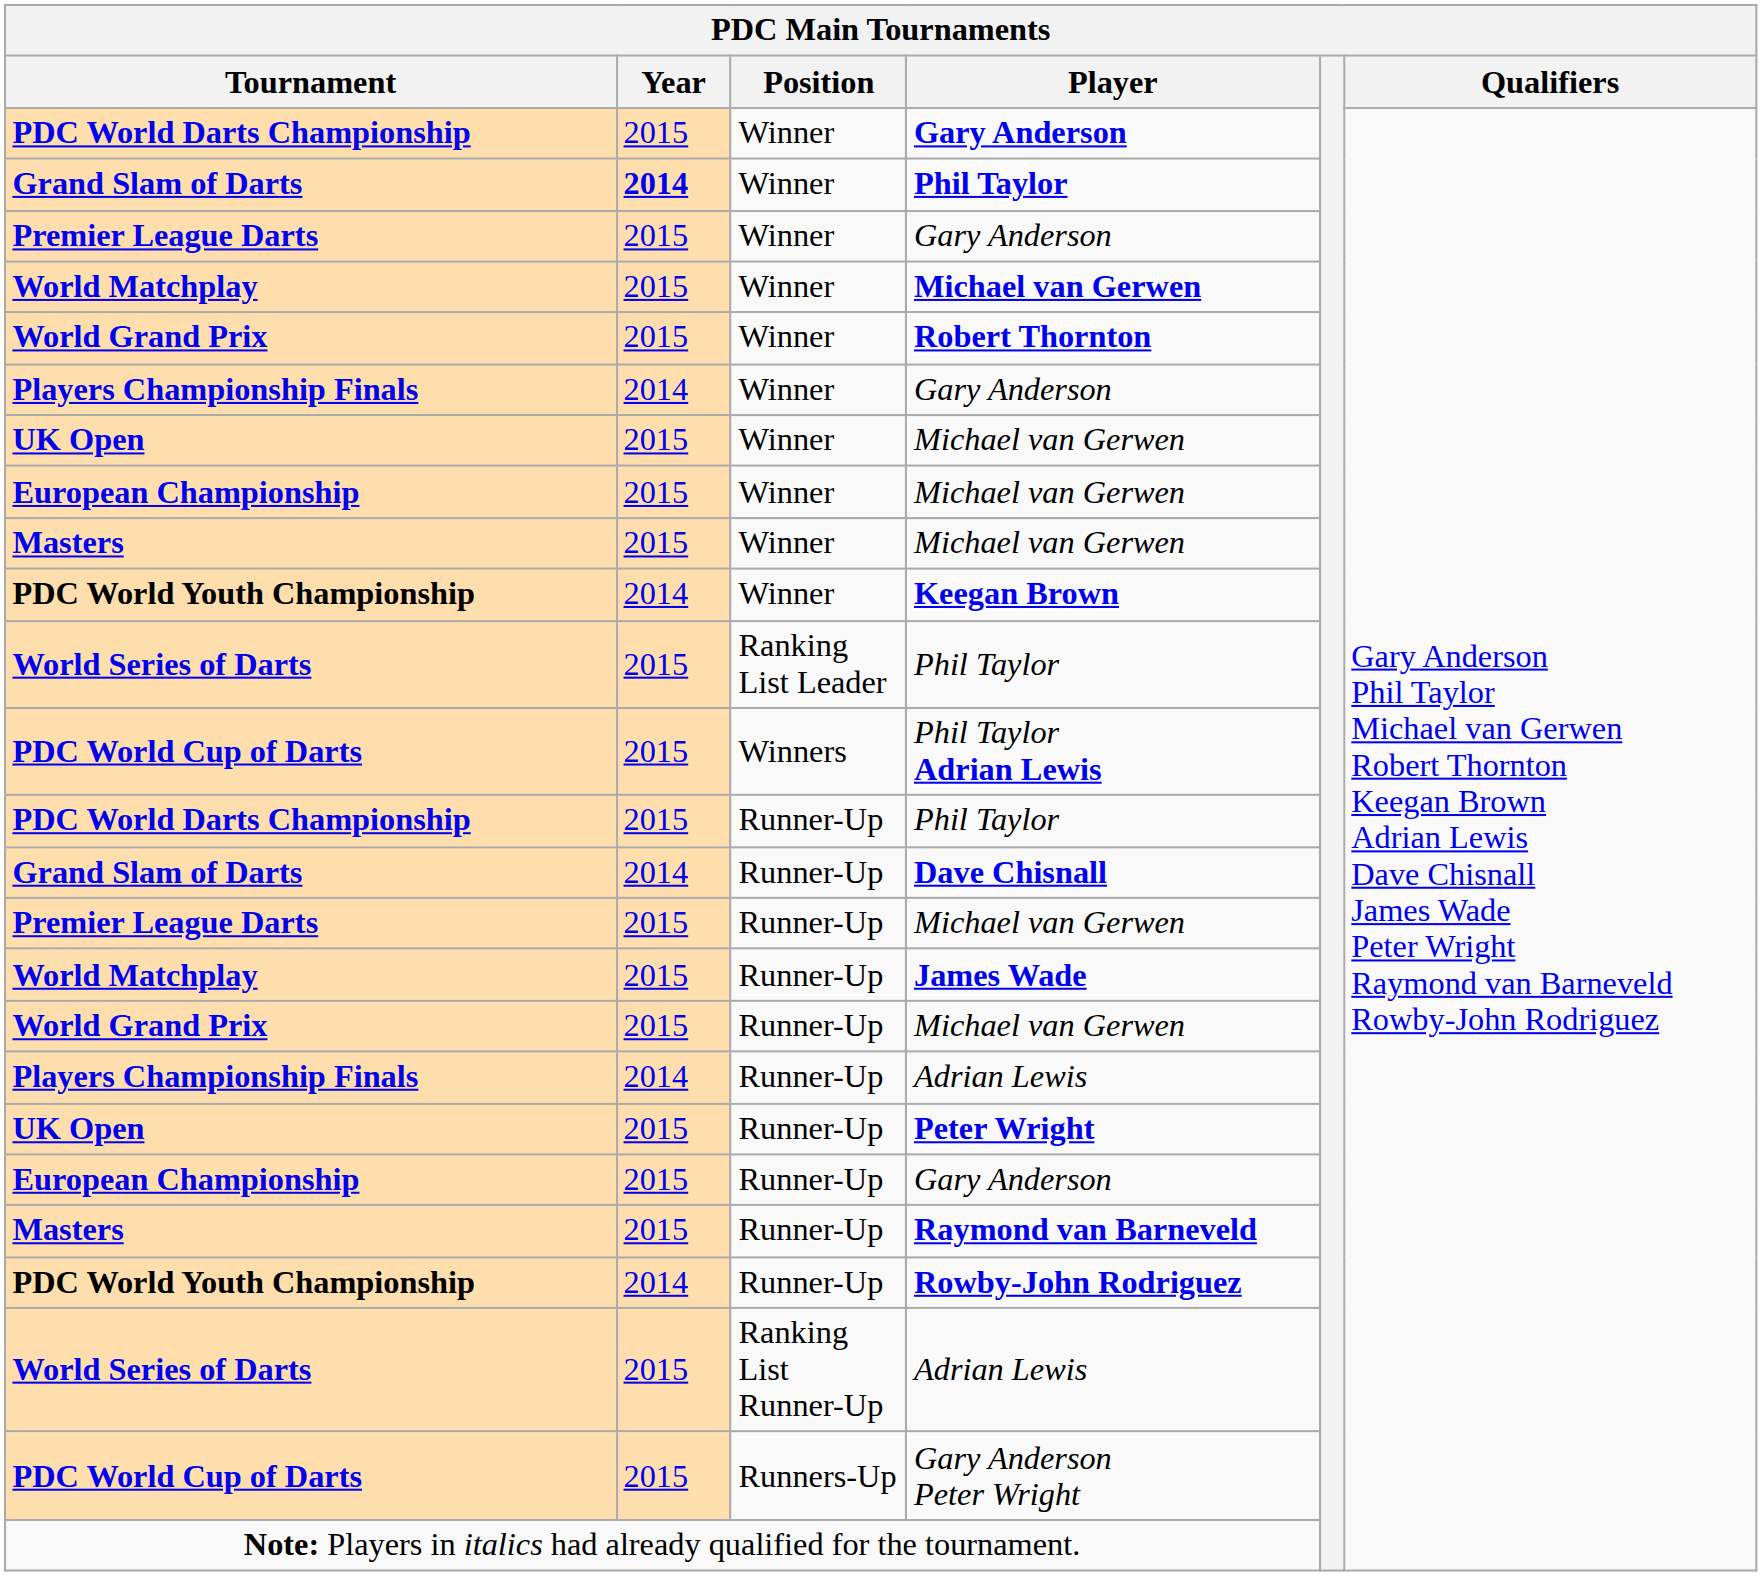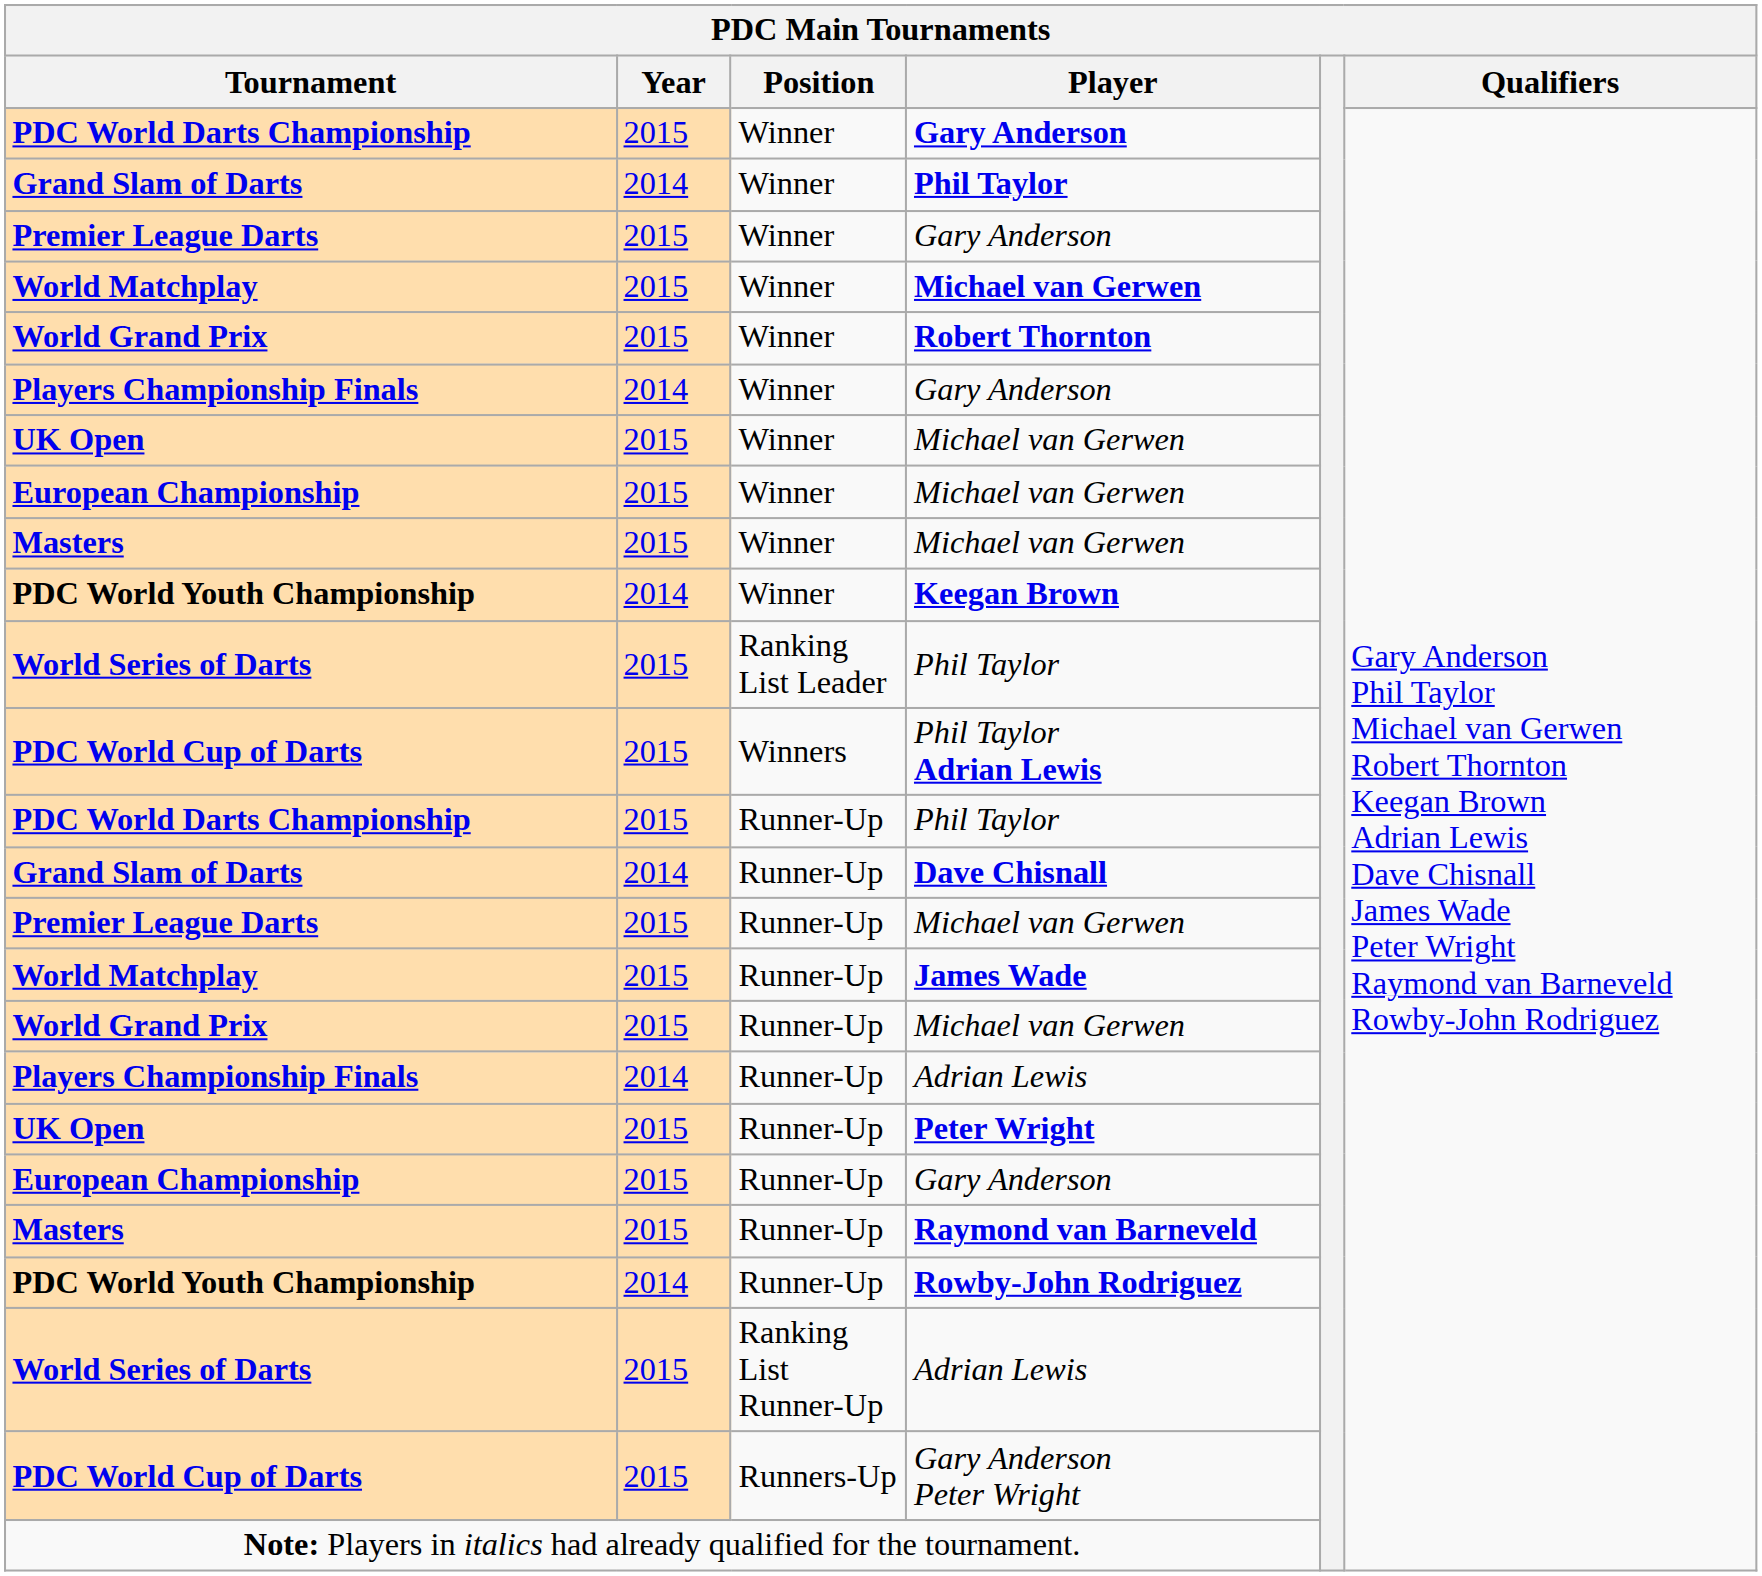 <table class="wikitable">
 <tr>
 <th colspan=6>PDC Main Tournaments</th>
 </tr>
 <tr>
 <th width=300>Tournament</th>
 <th width=50>Year</th>
 <th width=80>Position</th>
 <th width=200>Player</th>
 <th rowspan=28 width=5></th>
 <th width=200>Qualifiers</th>
 </tr>
 <tr>
 <td rowspan="1" style="background:#ffdead;"><strong><a href='#'>PDC World Darts Championship</a></strong></td>
 <td rowspan="1" style="background:#ffdead;"><a href='#'>2015</a></td>
 <td>Winner</td>
 <td> <strong><a href='#'>Gary Anderson</a></strong></td>
 <td rowspan=27> <a href='#'>Gary Anderson</a><br> <a href='#'>Phil Taylor</a><br> <a href='#'>Michael van Gerwen</a><br> <a href='#'>Robert Thornton</a><br> <a href='#'>Keegan Brown</a> <br> <a href='#'>Adrian Lewis</a><br> <a href='#'>Dave Chisnall</a><br> <a href='#'>James Wade</a><br> <a href='#'>Peter Wright</a><br> <a href='#'>Raymond van Barneveld</a><br> <a href='#'>Rowby-John Rodriguez</a></td>
 </tr>
 <tr>
 <td rowspan="1" style="background:#ffdead;"><strong><a href='#'>Grand Slam of Darts</a></strong></td>
-<td rowspan="1" style="background:#ffdead;"><strong><a href='#'>2014</a></strong></td>
+<td rowspan="1" style="background:#ffdead;"><a href='#'>2014</a></td>
 <td>Winner</td>
 <td> <strong><a href='#'>Phil Taylor</a></strong></td>
 </tr>
 <tr>
 <td rowspan="1" style="background:#ffdead;"><strong><a href='#'>Premier League Darts</a></strong></td>
 <td rowspan="1" style="background:#ffdead;"><a href='#'>2015</a></td>
 <td>Winner</td>
 <td> <em>Gary Anderson</em></td>
 </tr>
 <tr>
 <td rowspan="1" style="background:#ffdead;"><strong><a href='#'>World Matchplay</a></strong></td>
 <td rowspan="1" style="background:#ffdead;"><a href='#'>2015</a></td>
 <td>Winner</td>
 <td> <strong><a href='#'>Michael van Gerwen</a></strong></td>
 </tr>
 <tr>
 <td rowspan="1" style="background:#ffdead;"><strong><a href='#'>World Grand Prix</a></strong></td>
 <td rowspan="1" style="background:#ffdead;"><a href='#'>2015</a></td>
 <td>Winner</td>
 <td> <strong><a href='#'>Robert Thornton</a></strong></td>
 </tr>
 <tr>
 <td rowspan="1" style="background:#ffdead;"><strong><a href='#'>Players Championship Finals</a></strong></td>
 <td rowspan="1" style="background:#ffdead;"><a href='#'>2014</a></td>
 <td>Winner</td>
 <td> <em>Gary Anderson</em></td>
 </tr>
 <tr>
 <td rowspan="1" style="background:#ffdead;"><strong><a href='#'>UK Open</a></strong></td>
 <td rowspan="1" style="background:#ffdead;"><a href='#'>2015</a></td>
 <td>Winner</td>
 <td> <em>Michael van Gerwen</em></td>
 </tr>
 <tr>
 <td rowspan="1" style="background:#ffdead;"><strong><a href='#'>European Championship</a></strong></td>
 <td rowspan="1" style="background:#ffdead;"><a href='#'>2015</a></td>
 <td>Winner</td>
 <td> <em>Michael van Gerwen</em></td>
 </tr>
 <tr>
 <td rowspan="1" style="background:#ffdead;"><strong><a href='#'>Masters</a></strong></td>
 <td rowspan="1" style="background:#ffdead;"><a href='#'>2015</a></td>
 <td>Winner</td>
 <td> <em>Michael van Gerwen</em></td>
 </tr>
 <tr>
 <td rowspan="1" style="background:#ffdead;"><strong>PDC World Youth Championship</strong></td>
 <td rowspan="1" style="background:#ffdead;"><a href='#'>2014</a></td>
 <td>Winner</td>
 <td> <strong><a href='#'>Keegan Brown</a></strong></td>
 </tr>
 <tr>
 <td rowspan="1" style="background:#ffdead;"><strong><a href='#'>World Series of Darts</a></strong></td>
 <td rowspan="1" style="background:#ffdead;"><a href='#'>2015</a></td>
 <td>Ranking List Leader</td>
 <td> <em>Phil Taylor</em></td>
 </tr>
 <tr>
 <td rowspan="1" style="background:#ffdead;"><strong><a href='#'>PDC World Cup of Darts</a></strong></td>
 <td rowspan="1" style="background:#ffdead;"><a href='#'>2015</a></td>
 <td>Winners</td>
 <td> <em>Phil Taylor</em><br> <strong><a href='#'>Adrian Lewis</a></strong></td>
 </tr>
 <tr>
 <td rowspan="1" style="background:#ffdead;"><strong><a href='#'>PDC World Darts Championship</a></strong></td>
 <td rowspan="1" style="background:#ffdead;"><a href='#'>2015</a></td>
 <td>Runner-Up</td>
 <td> <em>Phil Taylor</em></td>
 </tr>
 <tr>
 <td rowspan="1" style="background:#ffdead;"><strong><a href='#'>Grand Slam of Darts</a></strong></td>
 <td rowspan="1" style="background:#ffdead;"><a href='#'>2014</a></td>
 <td>Runner-Up</td>
 <td> <strong><a href='#'>Dave Chisnall</a></strong></td>
 </tr>
 <tr>
 <td rowspan="1" style="background:#ffdead;"><strong><a href='#'>Premier League Darts</a></strong></td>
 <td rowspan="1" style="background:#ffdead;"><a href='#'>2015</a></td>
 <td>Runner-Up</td>
 <td> <em>Michael van Gerwen</em></td>
 </tr>
 <tr>
 <td rowspan="1" style="background:#ffdead;"><strong><a href='#'>World Matchplay</a></strong></td>
 <td rowspan="1" style="background:#ffdead;"><a href='#'>2015</a></td>
 <td>Runner-Up</td>
 <td> <strong><a href='#'>James Wade</a></strong></td>
 </tr>
 <tr>
 <td rowspan="1" style="background:#ffdead;"><strong><a href='#'>World Grand Prix</a></strong></td>
 <td rowspan="1" style="background:#ffdead;"><a href='#'>2015</a></td>
 <td>Runner-Up</td>
 <td> <em>Michael van Gerwen</em></td>
 </tr>
 <tr>
 <td rowspan="1" style="background:#ffdead;"><strong><a href='#'>Players Championship Finals</a></strong></td>
 <td rowspan="1" style="background:#ffdead;"><a href='#'>2014</a></td>
 <td>Runner-Up</td>
 <td> <em>Adrian Lewis</em></td>
 </tr>
 <tr>
 <td rowspan="1" style="background:#ffdead;"><strong><a href='#'>UK Open</a></strong></td>
 <td rowspan="1" style="background:#ffdead;"><a href='#'>2015</a></td>
 <td>Runner-Up</td>
 <td> <strong><a href='#'>Peter Wright</a></strong></td>
 </tr>
 <tr>
 <td rowspan="1" style="background:#ffdead;"><strong><a href='#'>European Championship</a></strong></td>
 <td rowspan="1" style="background:#ffdead;"><a href='#'>2015</a></td>
 <td>Runner-Up</td>
 <td> <em>Gary Anderson</em></td>
 </tr>
 <tr>
 <td rowspan="1" style="background:#ffdead;"><strong><a href='#'>Masters</a></strong></td>
 <td rowspan="1" style="background:#ffdead;"><a href='#'>2015</a></td>
 <td>Runner-Up</td>
 <td> <strong><a href='#'>Raymond van Barneveld</a></strong></td>
 </tr>
 <tr>
 <td rowspan="1" style="background:#ffdead;"><strong>PDC World Youth Championship</strong></td>
 <td rowspan="1" style="background:#ffdead;"><a href='#'>2014</a></td>
 <td>Runner-Up</td>
 <td> <strong><a href='#'>Rowby-John Rodriguez</a></strong></td>
 </tr>
 <tr>
 <td rowspan="1" style="background:#ffdead;"><strong><a href='#'>World Series of Darts</a></strong></td>
 <td rowspan="1" style="background:#ffdead;"><a href='#'>2015</a></td>
 <td>Ranking List Runner-Up</td>
 <td> <em>Adrian Lewis</em></td>
 </tr>
 <tr>
 <td rowspan="1" style="background:#ffdead;"><strong><a href='#'>PDC World Cup of Darts</a></strong></td>
 <td rowspan="1" style="background:#ffdead;"><a href='#'>2015</a></td>
 <td>Runners-Up</td>
 <td> <em>Gary Anderson</em><br> <em>Peter Wright</em></td>
 </tr>
 <tr>
 <td colspan=4 align=center><strong>Note:</strong> Players in <em>italics</em> had already qualified for the tournament.</td>
 </tr>
 </table>
